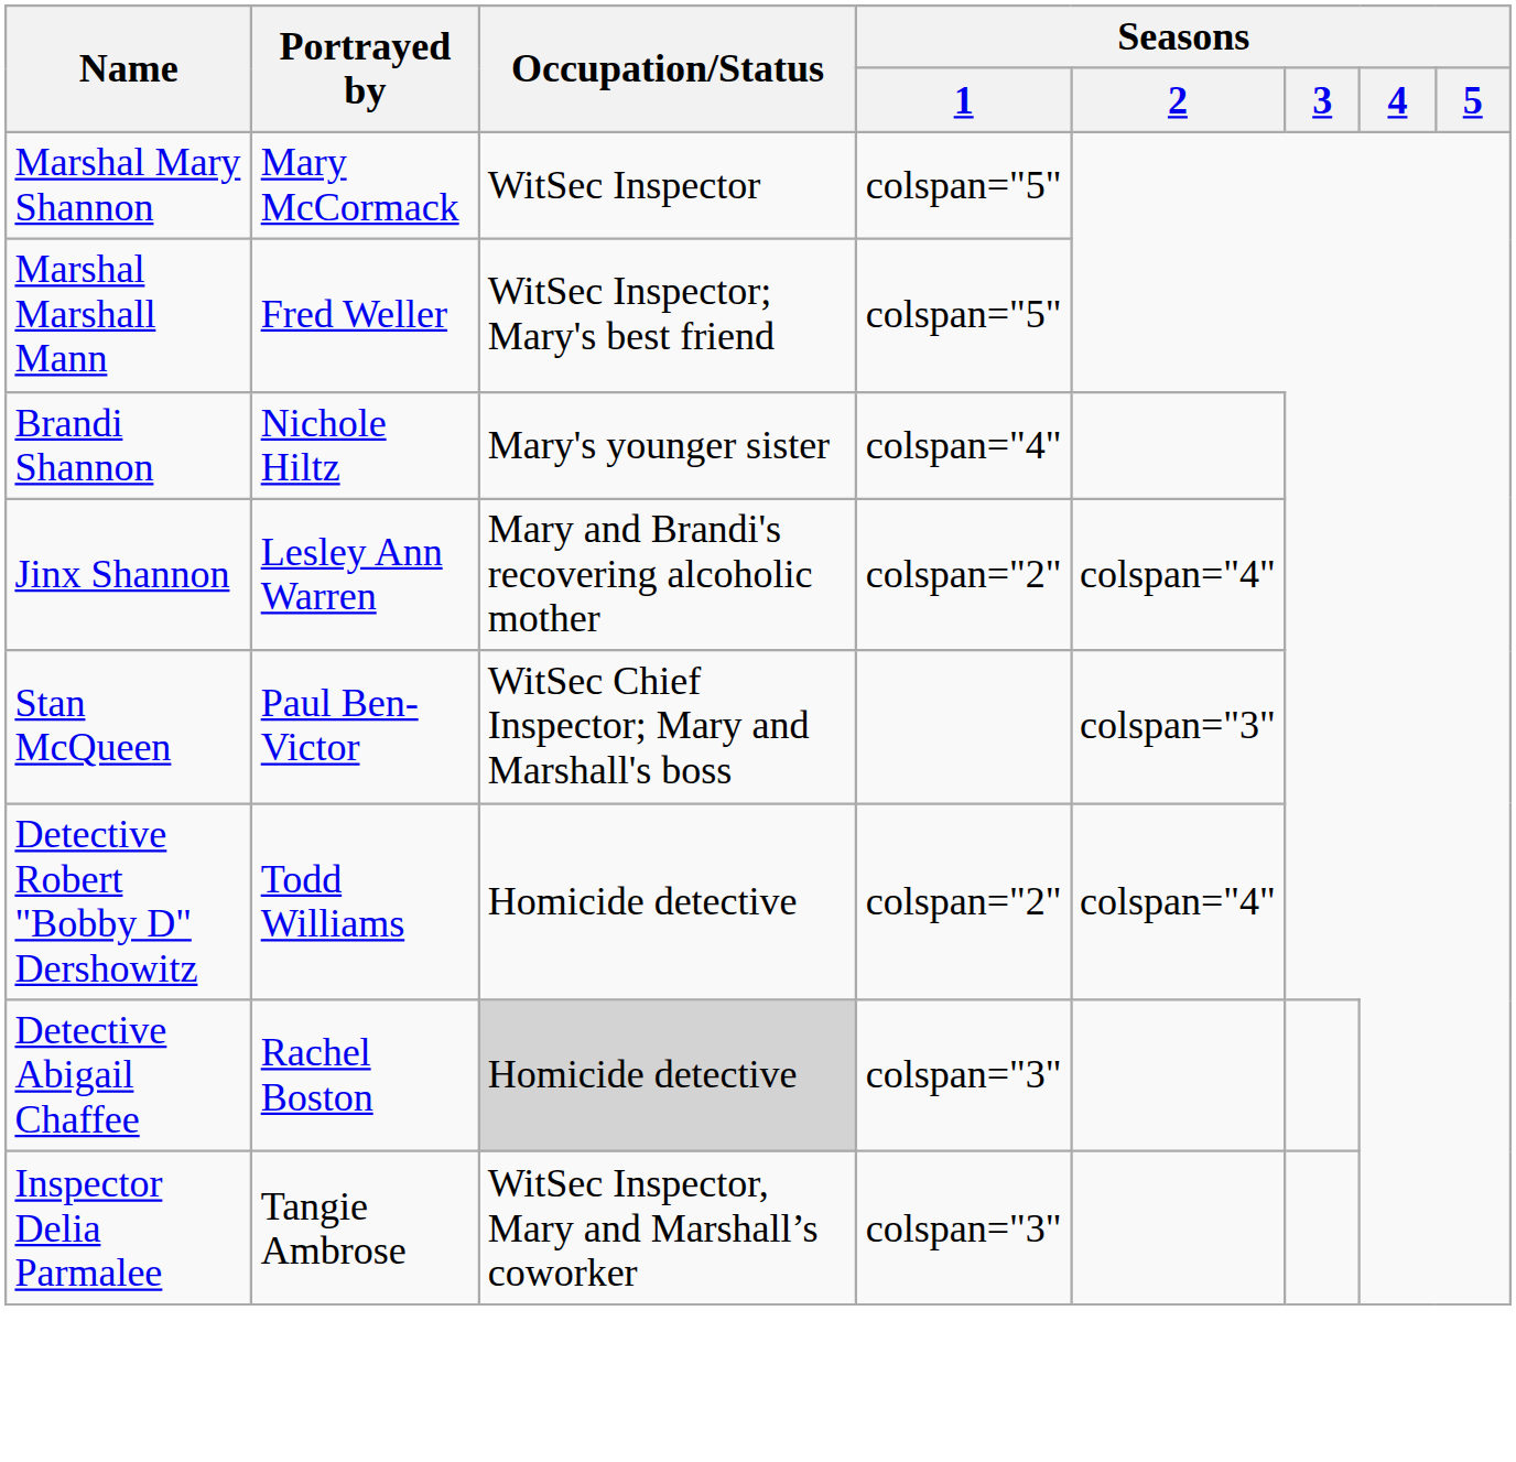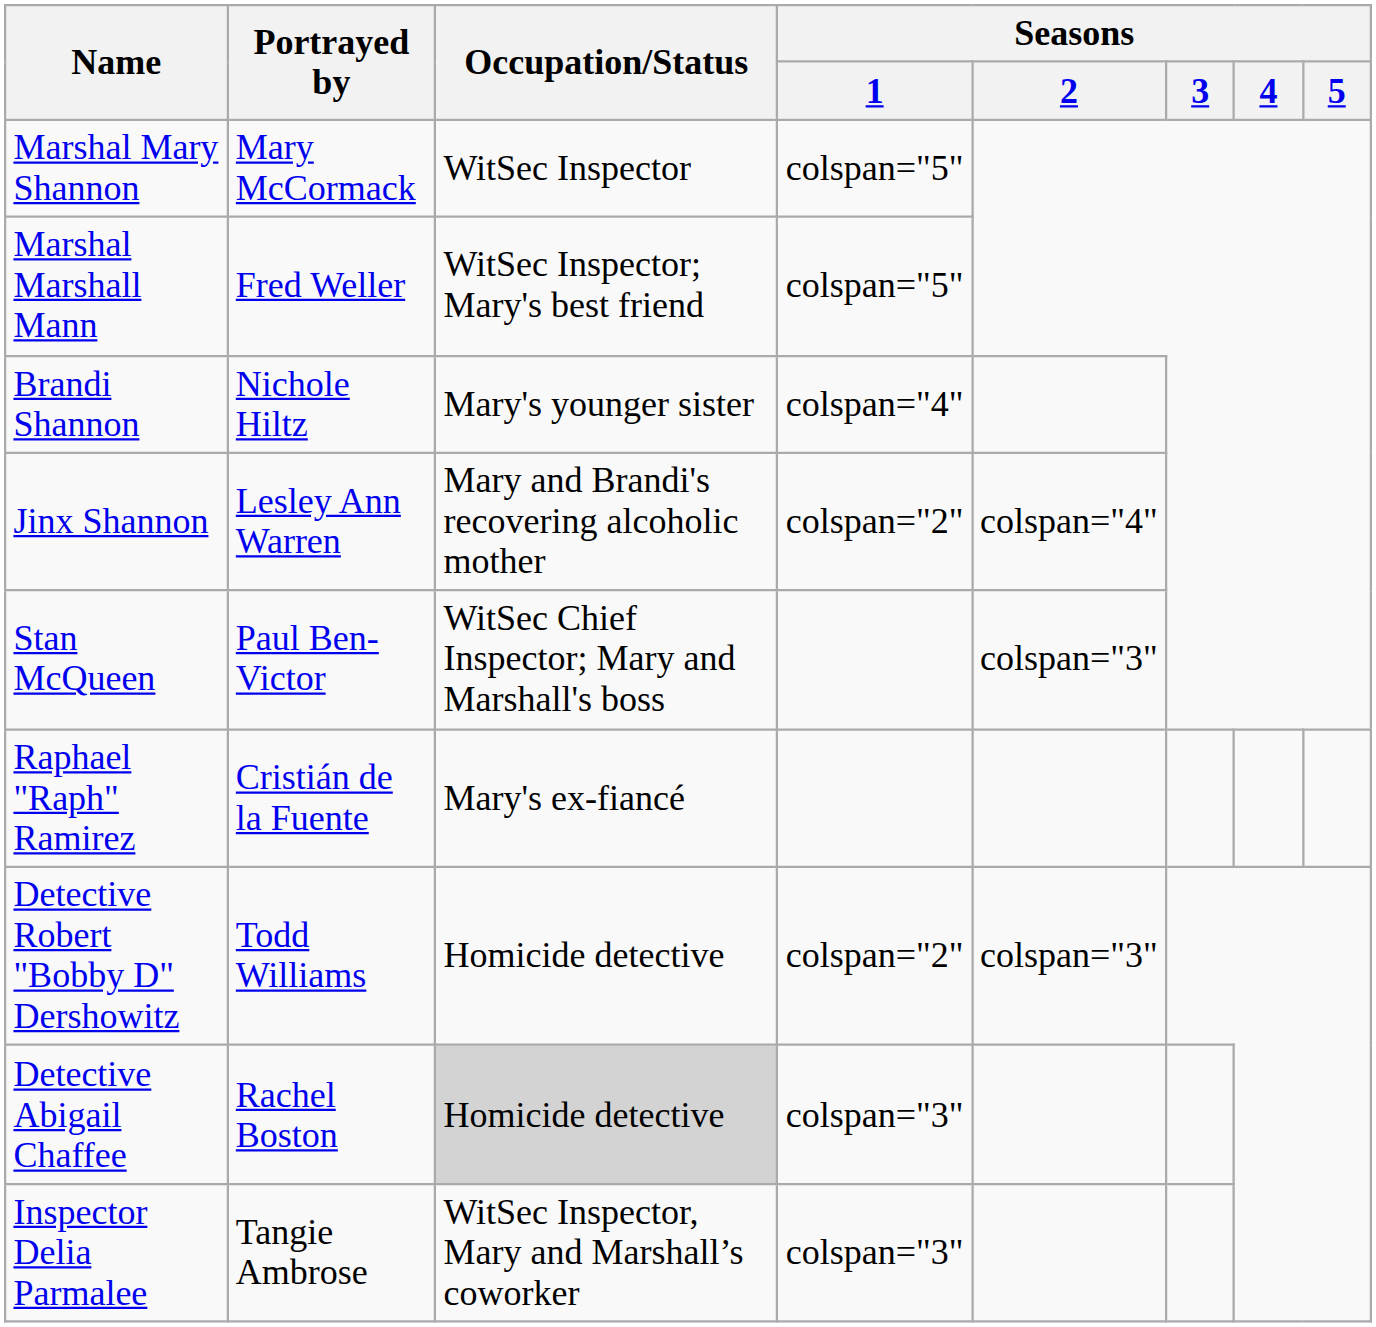 <table class="wikitable">
 <tr>
 <th rowspan="2">Name</th>
 <th rowspan="2">Portrayed by</th>
 <th rowspan="2">Occupation/Status</th>
 <th colspan="5">Seasons</th>
 </tr>
 <tr>
 <th width="5%"><a href='#'>1</a></th>
 <th width="5%"><a href='#'>2</a></th>
 <th width="5%"><a href='#'>3</a></th>
 <th width="5%"><a href='#'>4</a></th>
 <th width="5%"><a href='#'>5</a></th>
 </tr>
 <tr>
 <td><a href='#'>Marshal Mary Shannon</a></td>
 <td><a href='#'>Mary McCormack</a></td>
 <td>WitSec Inspector</td>
 <td>colspan="5" </td>
 </tr>
 <tr>
 <td><a href='#'>Marshal Marshall Mann</a></td>
 <td><a href='#'>Fred Weller</a></td>
 <td>WitSec Inspector; Mary's best friend</td>
 <td>colspan="5" </td>
 </tr>
 <tr>
 <td><a href='#'>Brandi Shannon</a></td>
 <td><a href='#'>Nichole Hiltz</a></td>
 <td>Mary's younger sister</td>
 <td>colspan="4" </td>
 <td></td>
 </tr>
 <tr>
 <td><a href='#'>Jinx Shannon</a></td>
 <td><a href='#'>Lesley Ann Warren</a></td>
 <td>Mary and Brandi's recovering alcoholic mother</td>
 <td>colspan="2" </td>
 <td>colspan="4" </td>
 </tr>
 <tr>
 <td><a href='#'>Stan McQueen</a></td>
 <td><a href='#'>Paul Ben-Victor</a></td>
 <td>WitSec Chief Inspector; Mary and Marshall's boss</td>
 <td></td>
 <td>colspan="3" </td>
 </tr>
 <tr>
+<td><a href='#'>Raphael "Raph" Ramirez</a></td>
+<td><a href='#'>Cristián de la Fuente</a></td>
+<td>Mary's ex-fiancé</td>
+<td></td>
+<td></td>
+<td></td>
+<td></td>
+<td></td>
+</tr>
+<tr>
 <td><a href='#'>Detective Robert "Bobby D" Dershowitz</a></td>
 <td><a href='#'>Todd Williams</a></td>
 <td>Homicide detective</td>
 <td>colspan="2" </td>
-<td>colspan="4" </td>
+<td>colspan="3" </td>
 </tr>
 <tr>
 <td><a href='#'>Detective Abigail Chaffee</a></td>
 <td><a href='#'>Rachel Boston</a></td>
 <td style="background: lightgrey;">Homicide detective</td>
 <td>colspan="3" </td>
 <td></td>
 <td></td>
 </tr>
 <tr>
 <td><a href='#'>Inspector Delia Parmalee</a></td>
 <td>Tangie Ambrose</td>
 <td>WitSec Inspector, Mary and Marshall’s coworker</td>
 <td>colspan="3" </td>
 <td></td>
 <td></td>
 </tr>
 </table>
